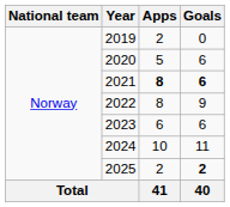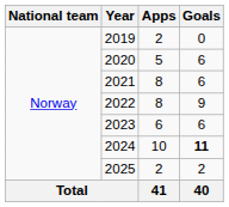 <table class="wikitable" style="text-align: center;">
 <tr>
 <th>National team</th>
 <th>Year</th>
 <th>Apps</th>
 <th>Goals</th>
 </tr>
 <tr>
 <td rowspan="7"><a href='#'>Norway</a></td>
 <td>2019</td>
 <td>2</td>
 <td>0</td>
 </tr>
 <tr>
 <td>2020</td>
 <td>5</td>
 <td>6</td>
 </tr>
 <tr>
 <td>2021</td>
-<td><strong>8</strong></td>
-<td><strong>6</strong></td>
+<td>8</td>
+<td>6</td>
 </tr>
 <tr>
 <td>2022</td>
 <td>8</td>
 <td>9</td>
 </tr>
 <tr>
 <td>2023</td>
 <td>6</td>
 <td>6</td>
 </tr>
 <tr>
 <td>2024</td>
 <td>10</td>
-<td>11</td>
+<td><strong>11</strong></td>
 </tr>
 <tr>
 <td>2025</td>
 <td>2</td>
-<td><strong>2</strong></td>
+<td>2</td>
 </tr>
 <tr>
 <th colspan="2">Total</th>
 <th>41</th>
 <th>40</th>
 </tr>
 </table>
